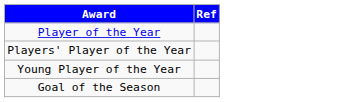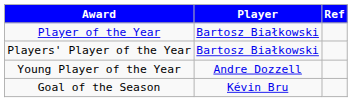 <table class="wikitable" style="text-align:center">
 <tr>
 <th style="background:blue; color:white; width=0%">Award</th>
+<th style="background:blue; color:white; width=0%">Player</th>
 <th style="background:blue; color:white; width=0%">Ref</th>
 </tr>
 <tr>
 <td><a href='#'>Player of the Year</a></td>
+<td> <a href='#'>Bartosz Białkowski</a></td>
 <td></td>
 </tr>
 <tr>
 <td>Players' Player of the Year</td>
+<td> <a href='#'>Bartosz Białkowski</a></td>
 <td></td>
 </tr>
 <tr>
 <td>Young Player of the Year</td>
+<td> <a href='#'>Andre Dozzell</a></td>
 <td></td>
 </tr>
 <tr>
 <td>Goal of the Season</td>
+<td> <a href='#'>Kévin Bru</a></td>
 <td></td>
 </tr>
 </table>
